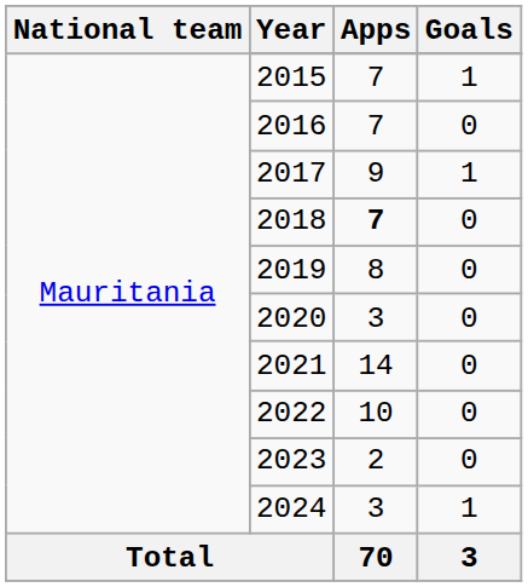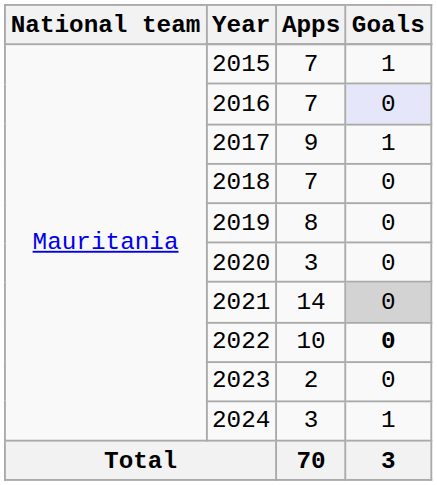 <table class="wikitable" style="text-align:center">
 <tr>
 <th>National team</th>
 <th>Year</th>
 <th>Apps</th>
 <th>Goals</th>
 </tr>
 <tr>
 <td rowspan="11"><a href='#'>Mauritania</a></td>
 </tr>
 <tr>
 <td>2015</td>
 <td>7</td>
 <td>1</td>
 </tr>
 <tr>
 <td>2016</td>
 <td>7</td>
-<td>0</td>
+<td style="background: lavender;">0</td>
 </tr>
 <tr>
 <td>2017</td>
 <td>9</td>
 <td>1</td>
 </tr>
 <tr>
 <td>2018</td>
-<td><strong>7</strong></td>
+<td>7</td>
 <td>0</td>
 </tr>
 <tr>
 <td>2019</td>
 <td>8</td>
 <td>0</td>
 </tr>
 <tr>
 <td>2020</td>
 <td>3</td>
 <td>0</td>
 </tr>
 <tr>
 <td>2021</td>
 <td>14</td>
-<td>0</td>
+<td style="background: lightgrey;">0</td>
 </tr>
 <tr>
 <td>2022</td>
 <td>10</td>
-<td>0</td>
+<td><strong>0</strong></td>
 </tr>
 <tr>
 <td>2023</td>
 <td>2</td>
 <td>0</td>
 </tr>
 <tr>
 <td>2024</td>
 <td>3</td>
 <td>1</td>
 </tr>
 <tr>
 <th colspan=2>Total</th>
 <th>70</th>
 <th>3</th>
 </tr>
 </table>
